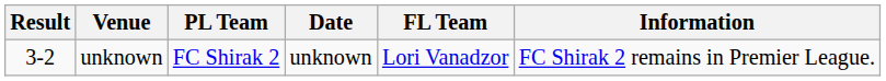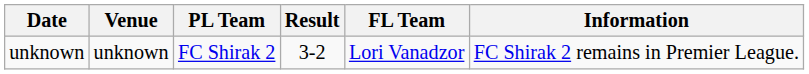 <table class="wikitable">
 <tr>
-<th>Result</th>
+<th>Date</th>
 <th>Venue</th>
 <th>PL Team</th>
-<th>Date</th>
+<th>Result</th>
 <th>FL Team</th>
 <th>Information</th>
 </tr>
 <tr>
-<td align=center>3-2</td>
+<td>unknown</td>
 <td>unknown</td>
 <td><a href='#'>FC Shirak 2</a></td>
-<td>unknown</td>
+<td align=center>3-2</td>
 <td><a href='#'>Lori Vanadzor</a></td>
 <td><a href='#'>FC Shirak 2</a> remains in Premier League.</td>
 </tr>
 </table>
